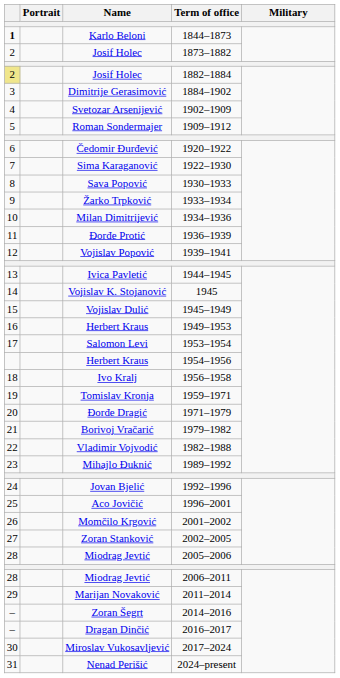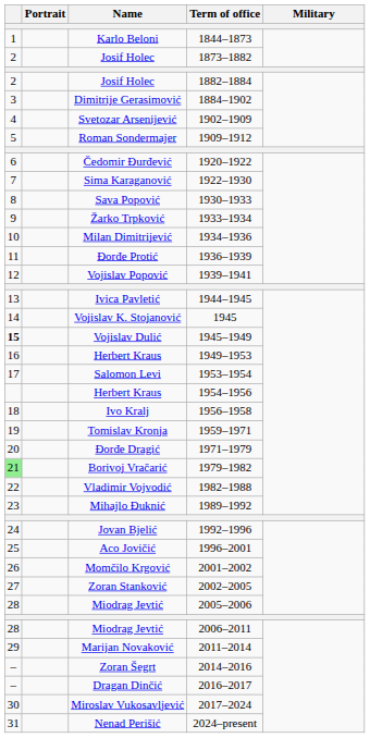 <table class="wikitable" style="text-align:center">
 <tr>
 <th></th>
 <th>Portrait</th>
 <th>Name</th>
 <th>Term of office</th>
 <th width=130>Military</th>
 </tr>
 <tr>
 <th colspan=5></th>
 </tr>
 <tr>
-<td><strong>1</strong></td>
+<td>1</td>
 <td></td>
 <td><a href='#'>Karlo Beloni</a></td>
 <td>1844–1873</td>
 <td rowspan=2></td>
 </tr>
 <tr>
 <td>2</td>
 <td></td>
 <td><a href='#'>Josif Holec</a></td>
 <td>1873–1882</td>
 </tr>
 <tr>
 <th colspan=5></th>
 </tr>
 <tr>
-<td style="background: khaki;">2</td>
+<td>2</td>
 <td></td>
 <td><a href='#'>Josif Holec</a></td>
 <td>1882–1884</td>
 <td rowspan=4></td>
 </tr>
 <tr>
 <td>3</td>
 <td></td>
 <td><a href='#'>Dimitrije Gerasimović</a></td>
 <td>1884–1902</td>
 </tr>
 <tr>
 <td>4</td>
 <td></td>
 <td><a href='#'>Svetozar Arsenijević</a></td>
 <td>1902–1909</td>
 </tr>
 <tr>
 <td>5</td>
 <td></td>
 <td><a href='#'>Roman Sondermajer</a></td>
 <td>1909–1912</td>
 </tr>
 <tr>
 <th colspan=5></th>
 </tr>
 <tr>
 <td>6</td>
 <td></td>
 <td><a href='#'>Čedomir Đurđević</a></td>
 <td>1920–1922</td>
 <td rowspan=7></td>
 </tr>
 <tr>
 <td>7</td>
 <td></td>
 <td><a href='#'>Sima Karaganović</a></td>
 <td>1922–1930</td>
 </tr>
 <tr>
 <td>8</td>
 <td></td>
 <td><a href='#'>Sava Popović</a></td>
 <td>1930–1933</td>
 </tr>
 <tr>
 <td>9</td>
 <td></td>
 <td><a href='#'>Žarko Trpković</a></td>
 <td>1933–1934</td>
 </tr>
 <tr>
 <td>10</td>
 <td></td>
 <td><a href='#'>Milan Dimitrijević</a></td>
 <td>1934–1936</td>
 </tr>
 <tr>
 <td>11</td>
 <td></td>
 <td><a href='#'>Đorđe Protić</a></td>
 <td>1936–1939</td>
 </tr>
 <tr>
 <td>12</td>
 <td></td>
 <td><a href='#'>Vojislav Popović</a></td>
 <td>1939–1941</td>
 </tr>
 <tr>
 <th colspan=5></th>
 </tr>
 <tr>
 <td>13</td>
 <td></td>
 <td><a href='#'>Ivica Pavletić</a></td>
 <td>1944–1945</td>
 <td rowspan=12></td>
 </tr>
 <tr>
 <td>14</td>
 <td></td>
 <td><a href='#'>Vojislav K. Stojanović</a></td>
 <td>1945</td>
 </tr>
 <tr>
-<td>15</td>
+<td><strong>15</strong></td>
 <td></td>
 <td><a href='#'>Vojislav Dulić</a></td>
 <td>1945–1949</td>
 </tr>
 <tr>
 <td>16</td>
 <td></td>
 <td><a href='#'>Herbert Kraus</a></td>
 <td>1949–1953</td>
 </tr>
 <tr>
 <td>17</td>
 <td></td>
 <td><a href='#'>Salomon Levi</a></td>
 <td>1953–1954</td>
 </tr>
 <tr>
 <td></td>
 <td></td>
 <td><a href='#'>Herbert Kraus</a></td>
 <td>1954–1956</td>
 </tr>
 <tr>
 <td>18</td>
 <td></td>
 <td><a href='#'>Ivo Kralj</a></td>
 <td>1956–1958</td>
 </tr>
 <tr>
 <td>19</td>
 <td></td>
 <td><a href='#'>Tomislav Kronja</a></td>
 <td>1959–1971</td>
 </tr>
 <tr>
 <td>20</td>
 <td></td>
 <td><a href='#'>Đorđe Dragić</a></td>
 <td>1971–1979</td>
 </tr>
 <tr>
-<td>21</td>
+<td style="background: lightgreen;">21</td>
 <td></td>
 <td><a href='#'>Borivoj Vračarić</a></td>
 <td>1979–1982</td>
 </tr>
 <tr>
 <td>22</td>
 <td></td>
 <td><a href='#'>Vladimir Vojvodić</a></td>
 <td>1982–1988</td>
 </tr>
 <tr>
 <td>23</td>
 <td></td>
 <td><a href='#'>Mihajlo Đuknić</a></td>
 <td>1989–1992</td>
 </tr>
 <tr>
 <th colspan=5></th>
 </tr>
 <tr>
 <td>24</td>
 <td></td>
 <td><a href='#'>Jovan Bjelić</a></td>
 <td>1992–1996</td>
 <td rowspan=5></td>
 </tr>
 <tr>
 <td>25</td>
 <td></td>
 <td><a href='#'>Aco Jovičić</a></td>
 <td>1996–2001</td>
 </tr>
 <tr>
 <td>26</td>
 <td></td>
 <td><a href='#'>Momčilo Krgović</a></td>
 <td>2001–2002</td>
 </tr>
 <tr>
 <td>27</td>
 <td></td>
 <td><a href='#'>Zoran Stanković</a></td>
 <td>2002–2005</td>
 </tr>
 <tr>
 <td>28</td>
 <td></td>
 <td><a href='#'>Miodrag Jevtić</a></td>
 <td>2005–2006</td>
 </tr>
 <tr>
 <th colspan=5></th>
 </tr>
 <tr>
 <td>28</td>
 <td></td>
 <td><a href='#'>Miodrag Jevtić</a></td>
 <td>2006–2011</td>
 <td rowspan=6></td>
 </tr>
 <tr>
 <td>29</td>
 <td></td>
 <td><a href='#'>Marijan Novaković</a></td>
 <td>2011–2014</td>
 </tr>
 <tr>
 <td>–</td>
 <td></td>
 <td><a href='#'>Zoran Šegrt</a><br></td>
 <td>2014–2016</td>
 </tr>
 <tr>
 <td>–</td>
 <td></td>
 <td><a href='#'>Dragan Dinčić</a><br></td>
 <td>2016–2017</td>
 </tr>
 <tr>
 <td>30</td>
 <td></td>
 <td><a href='#'>Miroslav Vukosavljević</a></td>
 <td>2017–2024</td>
 </tr>
 <tr>
 <td>31</td>
 <td></td>
 <td><a href='#'>Nenad Perišić</a></td>
 <td>2024–present</td>
 </tr>
 </table>
